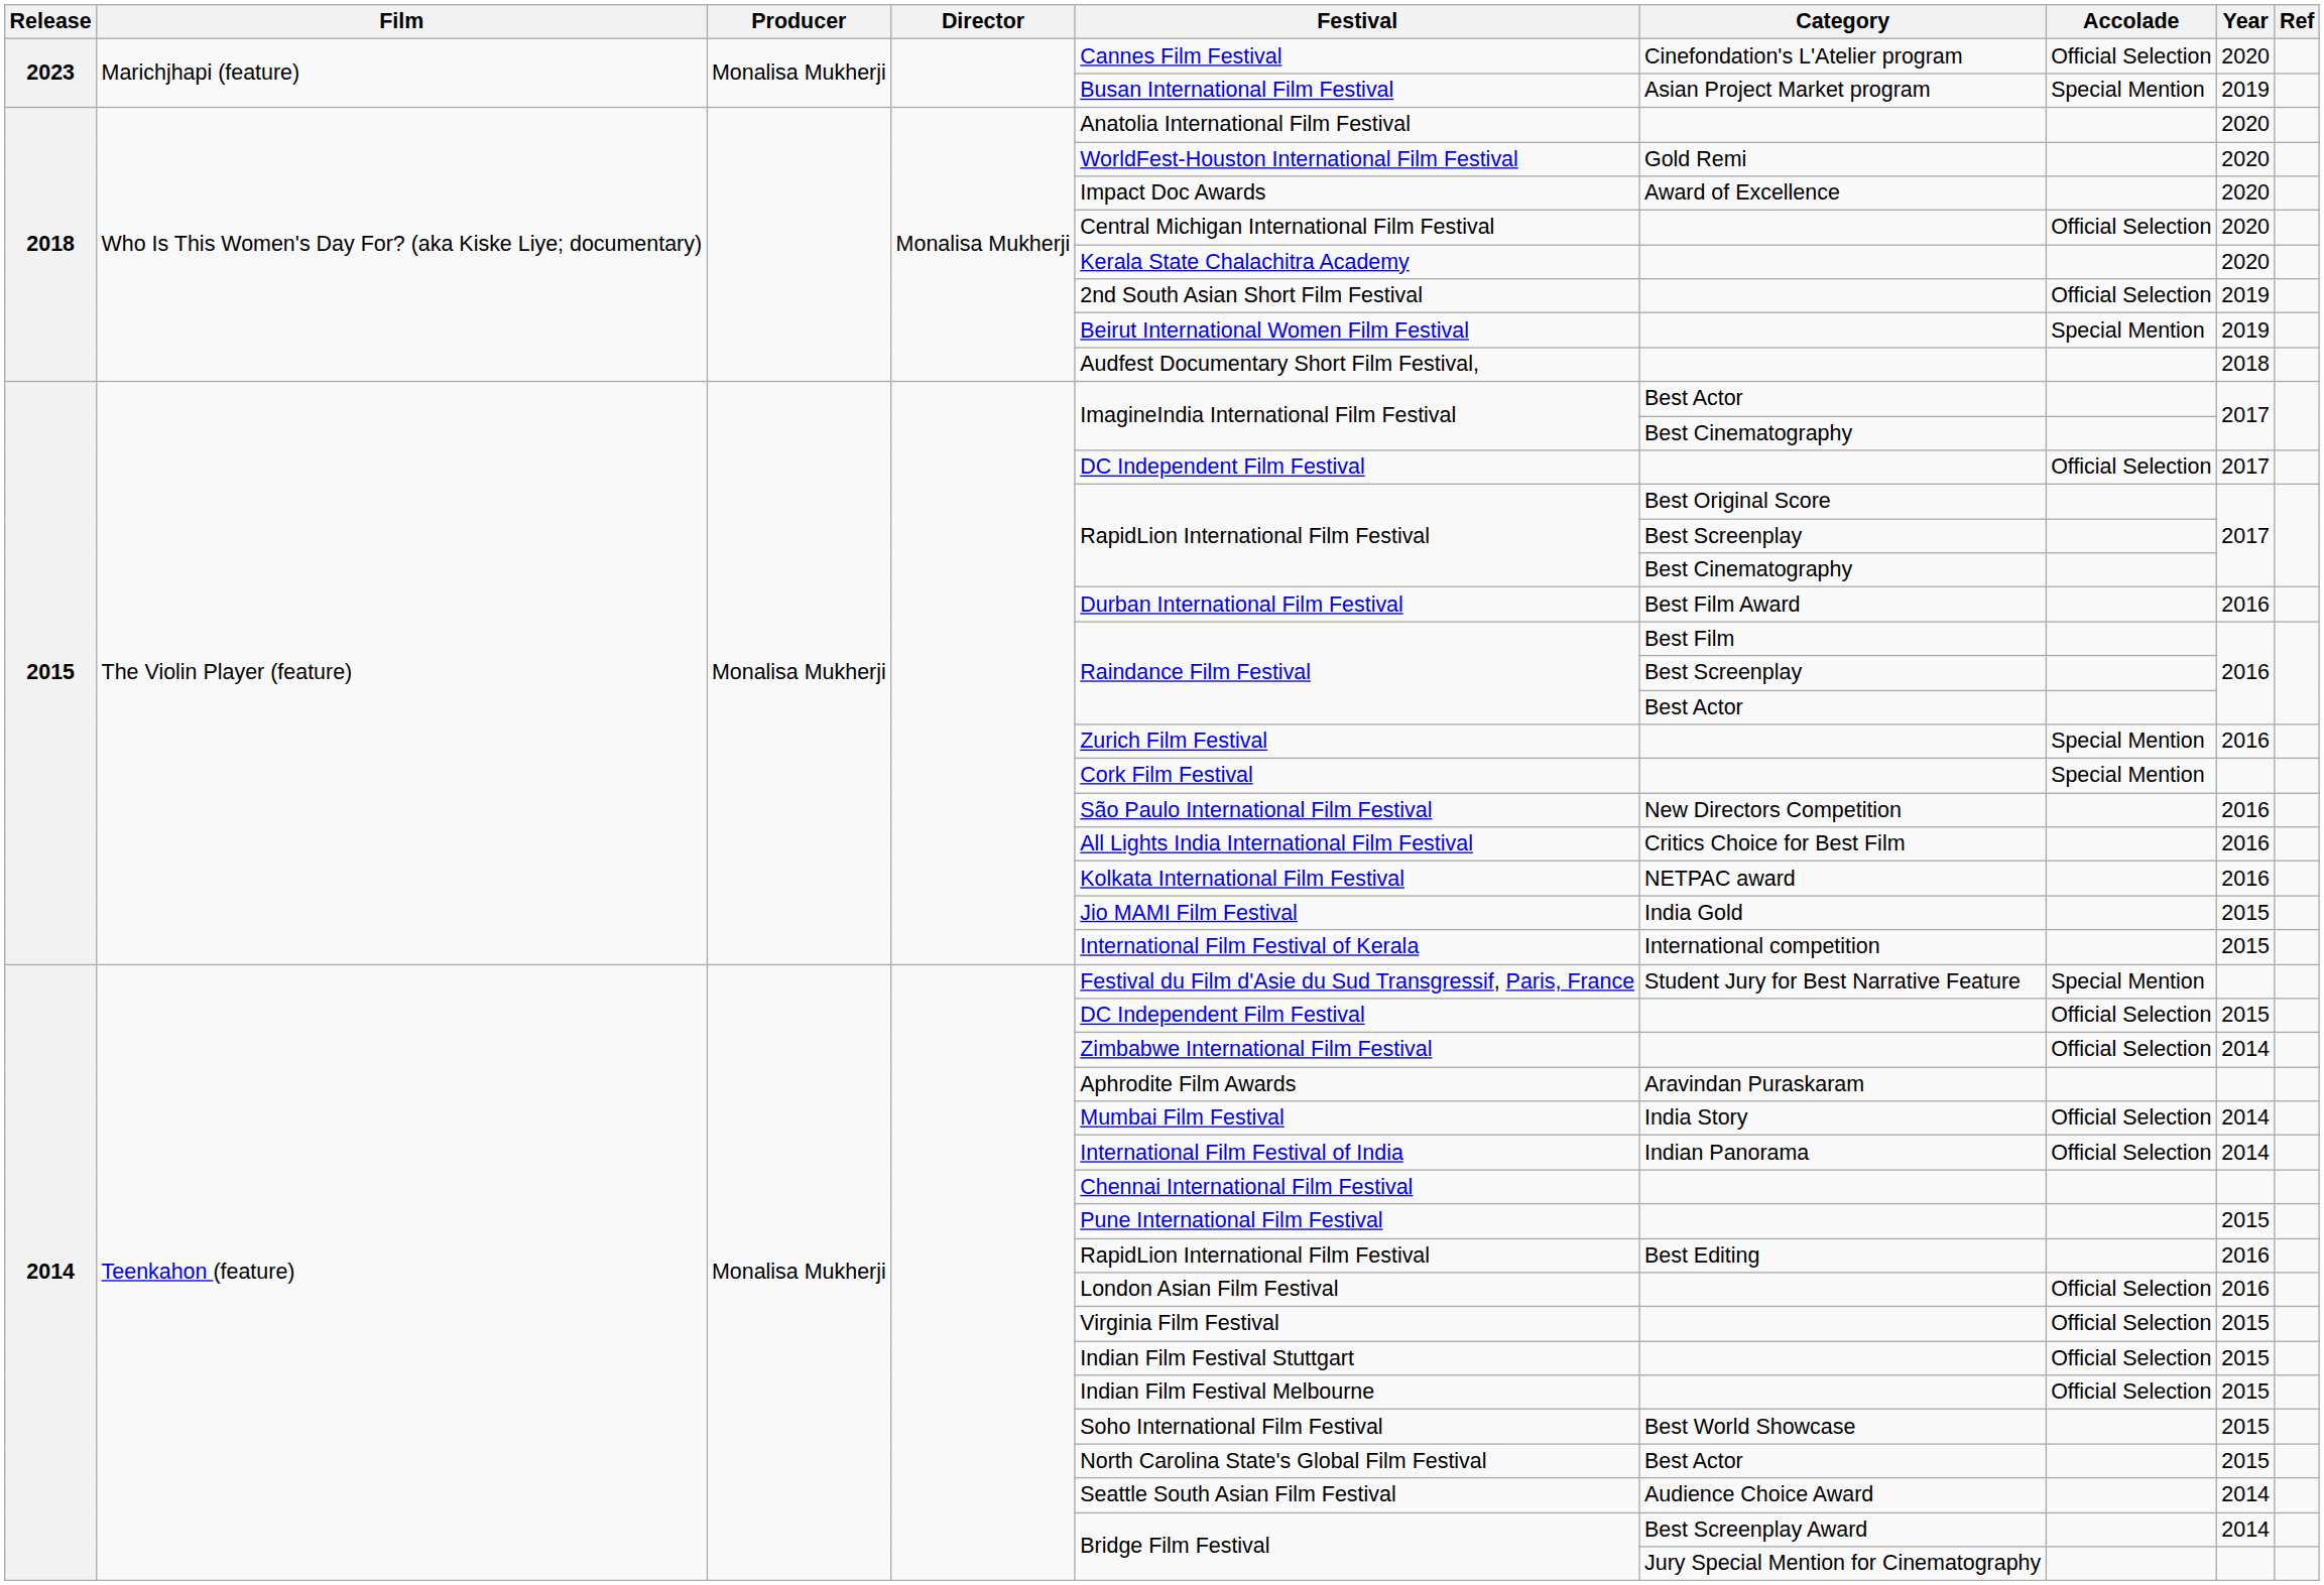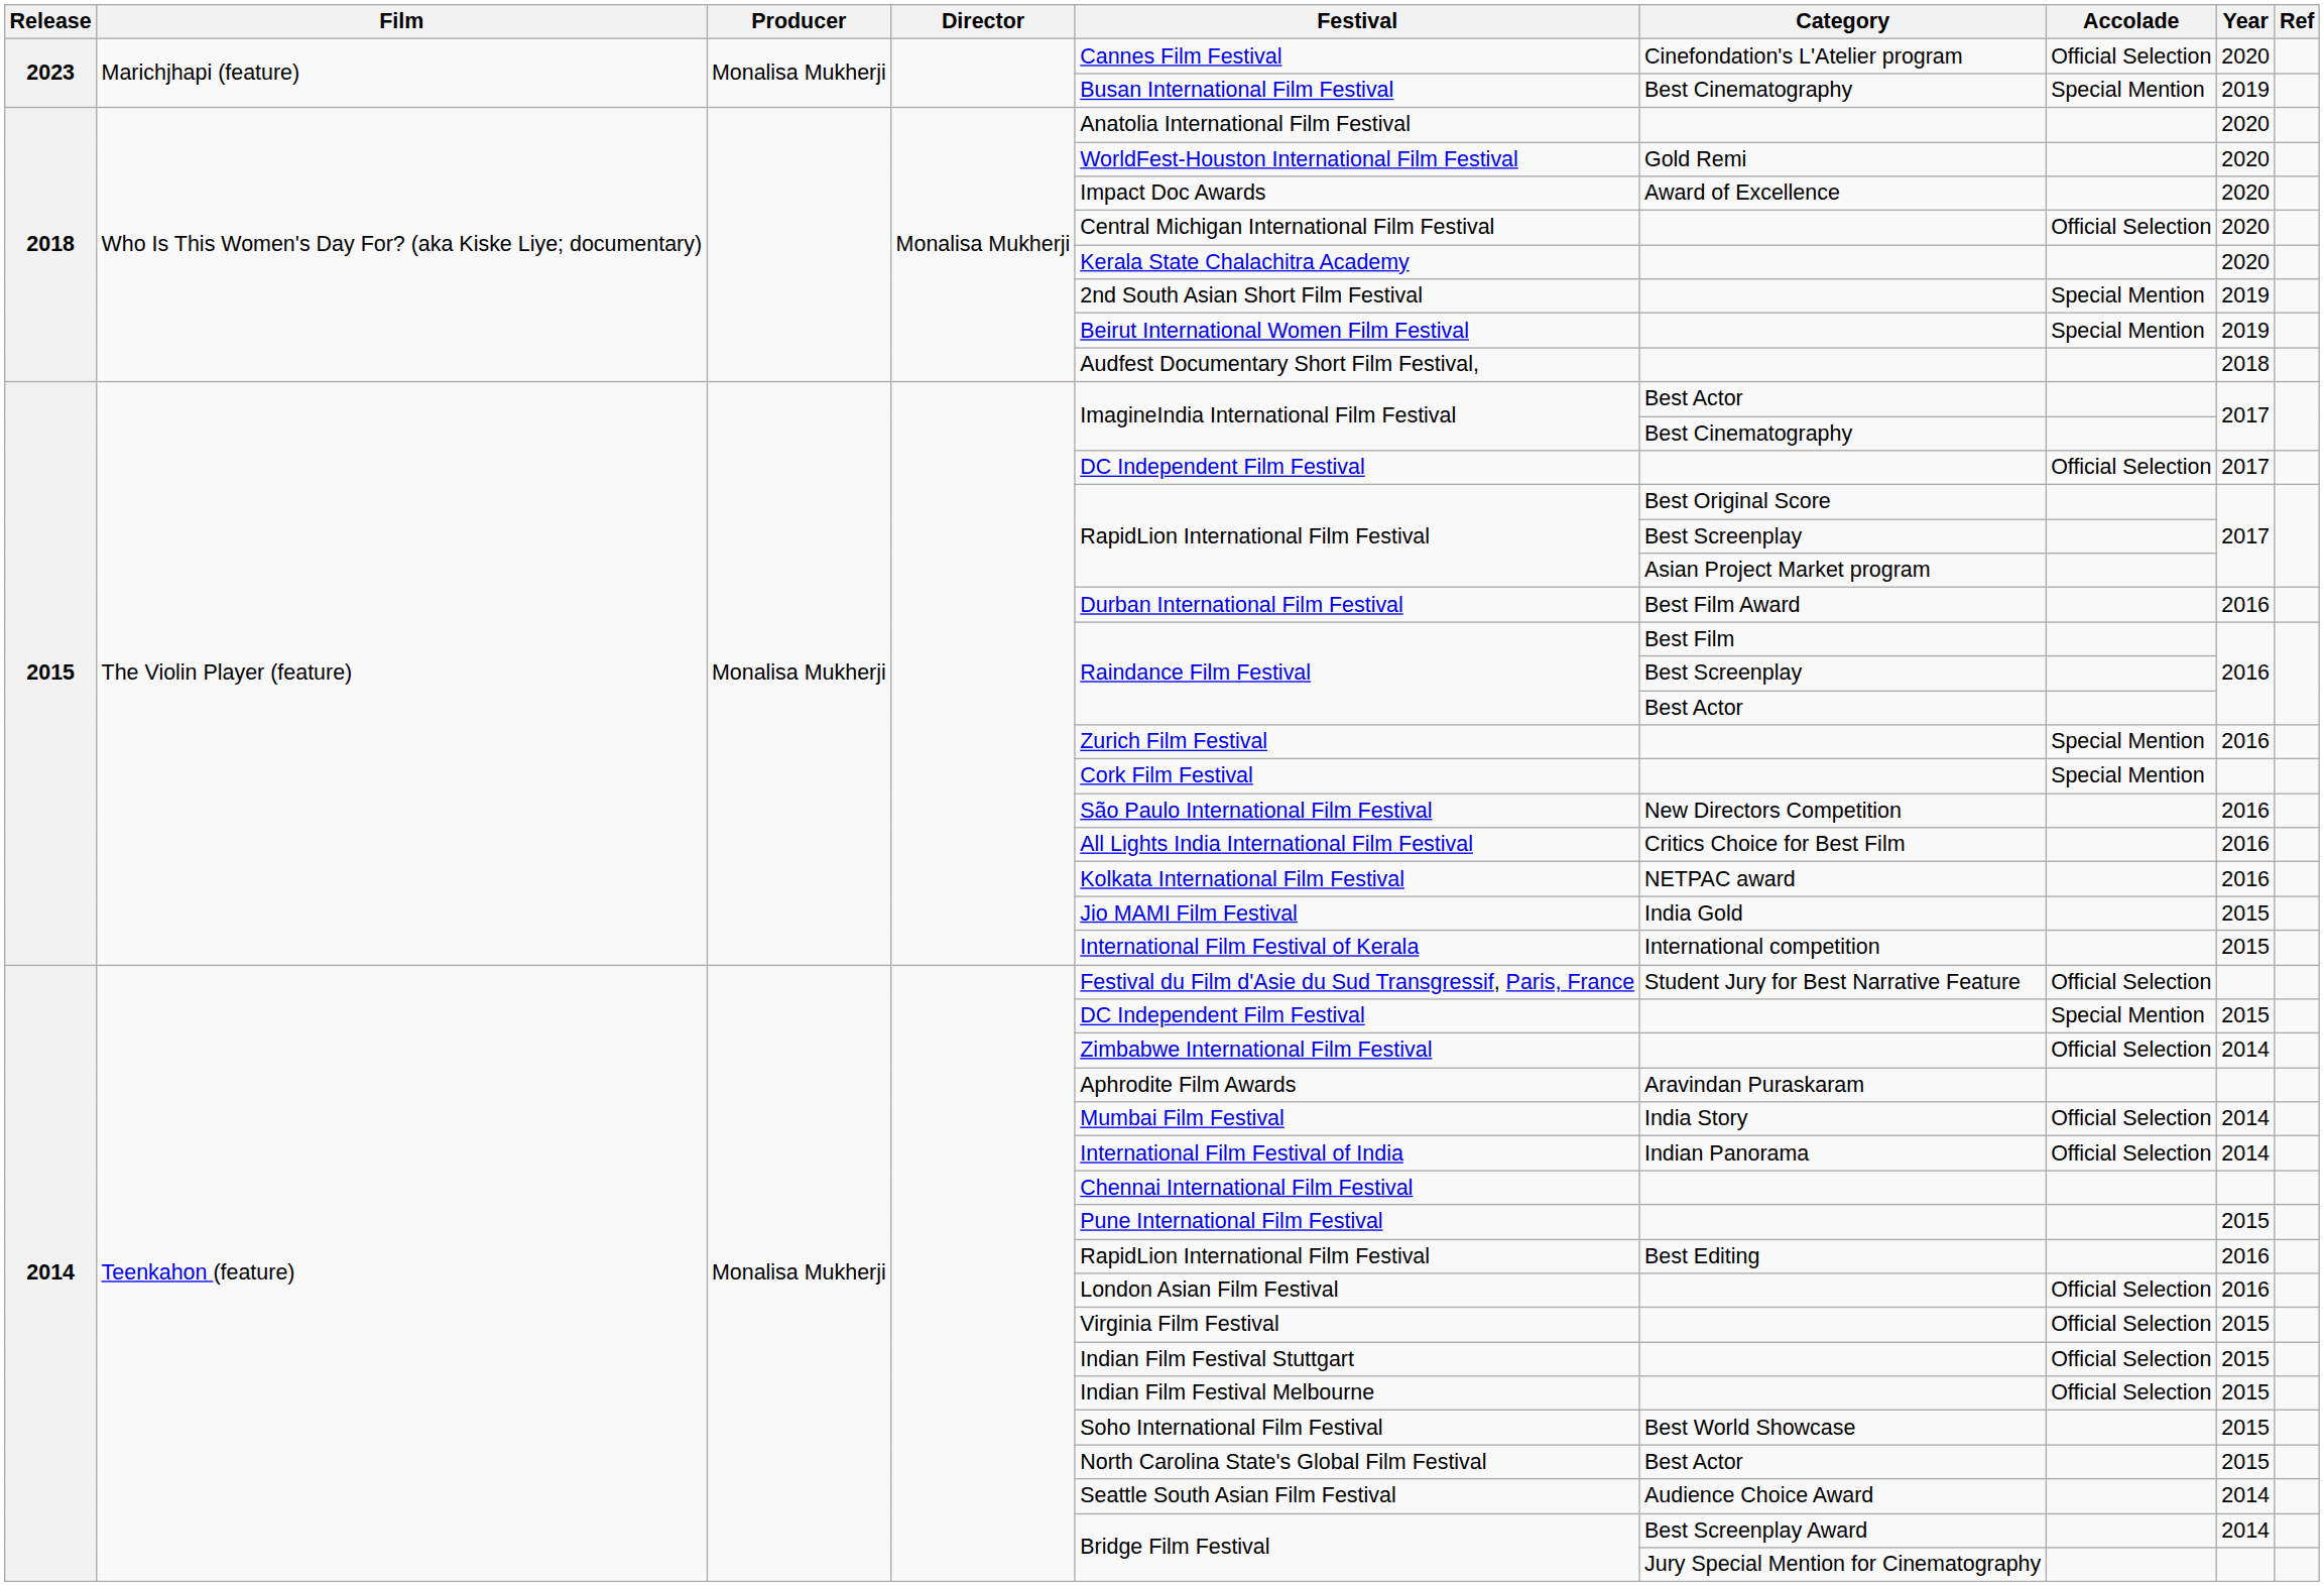 <table class="wikitable sortable">
 <tr>
 <th>Release</th>
 <th>Film</th>
 <th>Producer</th>
 <th>Director</th>
 <th>Festival</th>
 <th>Category</th>
 <th>Accolade</th>
 <th>Year</th>
 <th class="unsortable">Ref</th>
 </tr>
 <tr>
 <th rowspan=2>2023</th>
 <td rowspan=2>Marichjhapi (feature)</td>
 <td rowspan="2">Monalisa Mukherji</td>
 <td rowspan="2"></td>
 <td><a href='#'>Cannes Film Festival</a></td>
 <td>Cinefondation's L'Atelier program</td>
 <td>Official Selection</td>
 <td>2020</td>
 <td></td>
 </tr>
 <tr>
 <td><a href='#'>Busan International Film Festival</a></td>
-<td>Asian Project Market program</td>
+<td>Best Cinematography</td>
 <td>Special Mention</td>
 <td>2019</td>
 <td></td>
 </tr>
 <tr>
 <th rowspan=8>2018</th>
 <td rowspan=8>Who Is This Women's Day For? (aka Kiske Liye;  documentary)</td>
 <td rowspan="8"></td>
 <td rowspan=8>Monalisa Mukherji</td>
 <td>Anatolia International Film Festival</td>
 <td></td>
 <td></td>
 <td>2020</td>
 <td></td>
 </tr>
 <tr>
 <td><a href='#'>WorldFest-Houston International Film Festival</a></td>
 <td>Gold Remi</td>
 <td></td>
 <td>2020</td>
 <td></td>
 </tr>
 <tr>
 <td>Impact Doc Awards</td>
 <td>Award of Excellence</td>
 <td></td>
 <td>2020</td>
 <td></td>
 </tr>
 <tr>
 <td>Central Michigan International Film Festival</td>
 <td></td>
 <td>Official Selection</td>
 <td>2020</td>
 <td></td>
 </tr>
 <tr>
 <td><a href='#'>Kerala State Chalachitra Academy</a></td>
 <td></td>
 <td></td>
 <td>2020</td>
 <td></td>
 </tr>
 <tr>
 <td>2nd South Asian Short Film Festival</td>
 <td></td>
-<td>Official Selection</td>
+<td>Special Mention</td>
 <td>2019</td>
 <td></td>
 </tr>
 <tr>
 <td><a href='#'>Beirut International Women Film Festival</a></td>
 <td></td>
 <td>Special Mention</td>
 <td>2019</td>
 <td></td>
 </tr>
 <tr>
 <td>Audfest Documentary Short Film Festival,</td>
 <td></td>
 <td></td>
 <td>2018</td>
 <td></td>
 </tr>
 <tr>
 <th rowspan=17>2015</th>
 <td rowspan=17>The Violin Player (feature)</td>
 <td rowspan="17">Monalisa Mukherji</td>
 <td rowspan="17"></td>
 <td rowspan=2>ImagineIndia International Film Festival</td>
 <td>Best Actor</td>
 <td></td>
 <td rowspan=2>2017</td>
 <td rowspan=2></td>
 </tr>
 <tr>
 <td>Best Cinematography</td>
 <td></td>
 </tr>
 <tr>
 <td><a href='#'>DC Independent Film Festival</a></td>
 <td></td>
 <td>Official Selection</td>
 <td>2017</td>
 <td></td>
 </tr>
 <tr>
 <td rowspan=3>RapidLion International Film Festival</td>
 <td>Best Original Score</td>
 <td></td>
 <td rowspan=3>2017</td>
 <td rowspan=3></td>
 </tr>
 <tr>
 <td>Best Screenplay</td>
 <td></td>
 </tr>
 <tr>
-<td>Best Cinematography</td>
+<td>Asian Project Market program</td>
 <td></td>
 </tr>
 <tr>
 <td><a href='#'>Durban International Film Festival</a></td>
 <td>Best Film Award</td>
 <td></td>
 <td>2016</td>
 <td></td>
 </tr>
 <tr>
 <td rowspan =3><a href='#'>Raindance Film Festival</a></td>
 <td>Best Film</td>
 <td></td>
 <td rowspan=3>2016</td>
 <td rowspan=3></td>
 </tr>
 <tr>
 <td>Best Screenplay</td>
 <td></td>
 </tr>
 <tr>
 <td>Best Actor</td>
 <td></td>
 </tr>
 <tr>
 <td><a href='#'>Zurich Film Festival</a></td>
 <td></td>
 <td>Special Mention</td>
 <td>2016</td>
 <td></td>
 </tr>
 <tr>
 <td><a href='#'>Cork Film Festival</a></td>
 <td></td>
 <td>Special Mention</td>
 <td></td>
 <td></td>
 </tr>
 <tr>
 <td><a href='#'>São Paulo International Film Festival</a></td>
 <td>New Directors Competition</td>
 <td></td>
 <td>2016</td>
 <td></td>
 </tr>
 <tr>
 <td><a href='#'>All Lights India International Film Festival</a></td>
 <td>Critics Choice for Best Film</td>
 <td></td>
 <td>2016</td>
 <td></td>
 </tr>
 <tr>
 <td><a href='#'>Kolkata International Film Festival</a></td>
 <td>NETPAC award</td>
 <td></td>
 <td>2016</td>
 <td></td>
 </tr>
 <tr>
 <td><a href='#'>Jio MAMI Film Festival</a></td>
 <td>India Gold</td>
 <td></td>
 <td>2015</td>
 <td></td>
 </tr>
 <tr>
 <td><a href='#'>International Film Festival of Kerala</a></td>
 <td>International competition</td>
 <td></td>
 <td>2015</td>
 <td></td>
 </tr>
 <tr>
 <th rowspan=18>2014</th>
 <td rowspan=18><a href='#'>Teenkahon </a>(feature)</td>
 <td rowspan="18">Monalisa Mukherji</td>
 <td rowspan="18"></td>
 <td><a href='#'>Festival du Film d'Asie du Sud Transgressif</a>, <a href='#'>Paris, France</a></td>
 <td>Student Jury for Best Narrative Feature</td>
-<td>Special Mention</td>
+<td>Official Selection</td>
 <td></td>
 <td></td>
 </tr>
 <tr>
 <td><a href='#'>DC Independent Film Festival</a></td>
 <td></td>
-<td>Official Selection</td>
+<td>Special Mention</td>
 <td>2015</td>
 <td></td>
 </tr>
 <tr>
 <td><a href='#'>Zimbabwe International Film Festival</a></td>
 <td></td>
 <td>Official Selection</td>
 <td>2014</td>
 <td></td>
 </tr>
 <tr>
 <td>Aphrodite Film Awards</td>
 <td>Aravindan Puraskaram</td>
 <td></td>
 <td></td>
 <td></td>
 </tr>
 <tr>
 <td><a href='#'>Mumbai Film Festival</a></td>
 <td>India Story</td>
 <td>Official Selection</td>
 <td>2014</td>
 <td></td>
 </tr>
 <tr>
 <td><a href='#'>International Film Festival of India</a></td>
 <td>Indian Panorama</td>
 <td>Official Selection</td>
 <td>2014</td>
 <td></td>
 </tr>
 <tr>
 <td><a href='#'>Chennai International Film Festival</a></td>
 <td></td>
 <td></td>
 <td></td>
 <td></td>
 </tr>
 <tr>
 <td><a href='#'>Pune International Film Festival</a></td>
 <td></td>
 <td></td>
 <td>2015</td>
 <td></td>
 </tr>
 <tr>
 <td>RapidLion International Film Festival</td>
 <td>Best Editing</td>
 <td></td>
 <td>2016</td>
 <td></td>
 </tr>
 <tr>
 <td>London Asian Film Festival</td>
 <td></td>
 <td>Official Selection</td>
 <td>2016</td>
 <td></td>
 </tr>
 <tr>
 <td>Virginia Film Festival</td>
 <td></td>
 <td>Official Selection</td>
 <td>2015</td>
 <td></td>
 </tr>
 <tr>
 <td>Indian Film Festival Stuttgart</td>
 <td></td>
 <td>Official Selection</td>
 <td>2015</td>
 <td></td>
 </tr>
 <tr>
 <td>Indian Film Festival Melbourne</td>
 <td></td>
 <td>Official Selection</td>
 <td>2015</td>
 <td></td>
 </tr>
 <tr>
 <td>Soho International Film Festival</td>
 <td>Best World Showcase</td>
 <td></td>
 <td>2015</td>
 <td></td>
 </tr>
 <tr>
 <td>North Carolina State's Global Film Festival</td>
 <td>Best Actor</td>
 <td></td>
 <td>2015</td>
 <td></td>
 </tr>
 <tr>
 <td>Seattle South Asian Film Festival</td>
 <td>Audience Choice Award</td>
 <td></td>
 <td>2014</td>
 <td></td>
 </tr>
 <tr>
 <td rowspan=2>Bridge Film Festival</td>
 <td>Best Screenplay Award</td>
 <td></td>
 <td>2014</td>
 <td></td>
 </tr>
 <tr>
 <td>Jury Special Mention for Cinematography</td>
 <td></td>
 <td></td>
 <td></td>
 </tr>
 </table>
